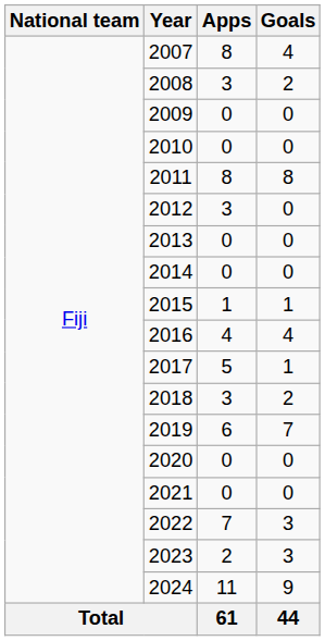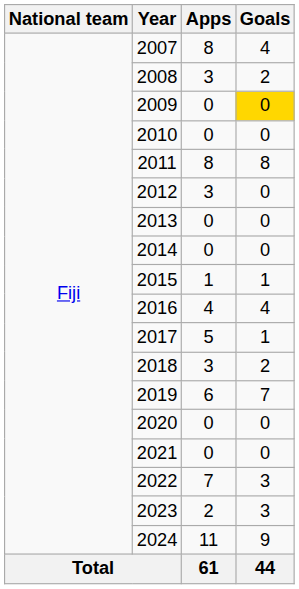 <table class="wikitable" style="text-align:center">
 <tr>
 <th>National team</th>
 <th>Year</th>
 <th>Apps</th>
 <th>Goals</th>
 </tr>
 <tr>
 <td rowspan="18"><a href='#'>Fiji</a></td>
 <td>2007</td>
 <td>8</td>
 <td>4</td>
 </tr>
 <tr>
 <td>2008</td>
 <td>3</td>
 <td>2</td>
 </tr>
 <tr>
 <td>2009</td>
 <td>0</td>
-<td>0</td>
+<td style="background: gold;">0</td>
 </tr>
 <tr>
 <td>2010</td>
 <td>0</td>
 <td>0</td>
 </tr>
 <tr>
 <td>2011</td>
 <td>8</td>
 <td>8</td>
 </tr>
 <tr>
 <td>2012</td>
 <td>3</td>
 <td>0</td>
 </tr>
 <tr>
 <td>2013</td>
 <td>0</td>
 <td>0</td>
 </tr>
 <tr>
 <td>2014</td>
 <td>0</td>
 <td>0</td>
 </tr>
 <tr>
 <td>2015</td>
 <td>1</td>
 <td>1</td>
 </tr>
 <tr>
 <td>2016</td>
 <td>4</td>
 <td>4</td>
 </tr>
 <tr>
 <td>2017</td>
 <td>5</td>
 <td>1</td>
 </tr>
 <tr>
 <td>2018</td>
 <td>3</td>
 <td>2</td>
 </tr>
 <tr>
 <td>2019</td>
 <td>6</td>
 <td>7</td>
 </tr>
 <tr>
 <td>2020</td>
 <td>0</td>
 <td>0</td>
 </tr>
 <tr>
 <td>2021</td>
 <td>0</td>
 <td>0</td>
 </tr>
 <tr>
 <td>2022</td>
 <td>7</td>
 <td>3</td>
 </tr>
 <tr>
 <td>2023</td>
 <td>2</td>
 <td>3</td>
 </tr>
 <tr>
 <td>2024</td>
 <td>11</td>
 <td>9</td>
 </tr>
 <tr>
 <th colspan="2">Total</th>
 <th>61</th>
 <th>44</th>
 </tr>
 </table>
